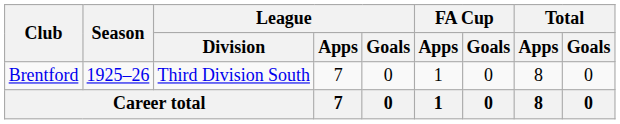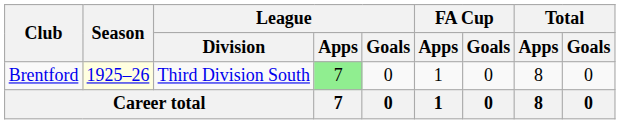 <table class="wikitable" style="text-align: center;">
 <tr>
 <th rowspan="2">Club</th>
 <th rowspan="2">Season</th>
 <th colspan="3">League</th>
 <th colspan="2">FA Cup</th>
 <th colspan="2">Total</th>
 </tr>
 <tr>
 <th>Division</th>
 <th>Apps</th>
 <th>Goals</th>
 <th>Apps</th>
 <th>Goals</th>
 <th>Apps</th>
 <th>Goals</th>
 </tr>
 <tr>
 <td><a href='#'>Brentford</a></td>
-<td><a href='#'>1925–26</a></td>
+<td style="background: lightyellow;"><a href='#'>1925–26</a></td>
 <td><a href='#'>Third Division South</a></td>
-<td>7</td>
+<td style="background: lightgreen;">7</td>
 <td>0</td>
 <td>1</td>
 <td>0</td>
 <td>8</td>
 <td>0</td>
 </tr>
 <tr>
 <th colspan="3">Career total</th>
 <th>7</th>
 <th>0</th>
 <th>1</th>
 <th>0</th>
 <th>8</th>
 <th>0</th>
 </tr>
 </table>
